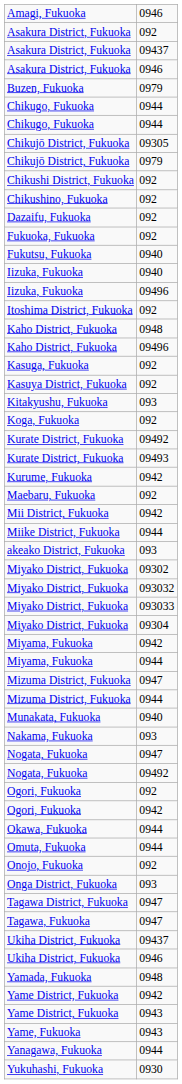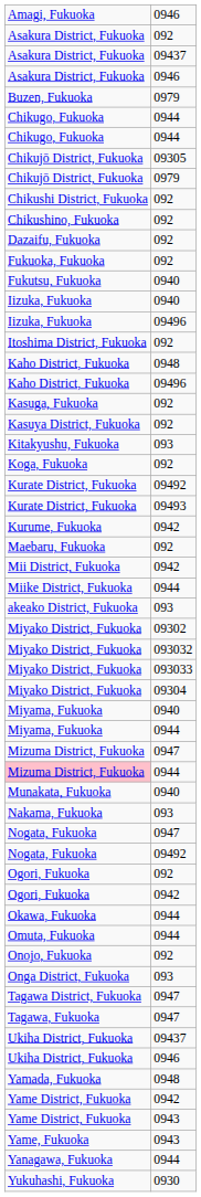 <table class="wikitable">
 <tr>
 <td><a href='#'>Amagi, Fukuoka</a></td>
 <td>0946</td>
 </tr>
 <tr>
 <td><a href='#'>Asakura District, Fukuoka</a></td>
 <td>092</td>
 </tr>
 <tr>
 <td><a href='#'>Asakura District, Fukuoka</a></td>
 <td>09437</td>
 </tr>
 <tr>
 <td><a href='#'>Asakura District, Fukuoka</a></td>
 <td>0946</td>
 </tr>
 <tr>
 <td><a href='#'>Buzen, Fukuoka</a></td>
 <td>0979</td>
 </tr>
 <tr>
 <td><a href='#'>Chikugo, Fukuoka</a></td>
 <td>0944</td>
 </tr>
 <tr>
 <td><a href='#'>Chikugo, Fukuoka</a></td>
 <td>0944</td>
 </tr>
 <tr>
 <td><a href='#'>Chikujō District, Fukuoka</a></td>
 <td>09305</td>
 </tr>
 <tr>
 <td><a href='#'>Chikujō District, Fukuoka</a></td>
 <td>0979</td>
 </tr>
 <tr>
 <td><a href='#'>Chikushi District, Fukuoka</a></td>
 <td>092</td>
 </tr>
 <tr>
 <td><a href='#'>Chikushino, Fukuoka</a></td>
 <td>092</td>
 </tr>
 <tr>
 <td><a href='#'>Dazaifu, Fukuoka</a></td>
 <td>092</td>
 </tr>
 <tr>
 <td><a href='#'>Fukuoka, Fukuoka</a></td>
 <td>092</td>
 </tr>
 <tr>
 <td><a href='#'>Fukutsu, Fukuoka</a></td>
 <td>0940</td>
 </tr>
 <tr>
 <td><a href='#'>Iizuka, Fukuoka</a></td>
 <td>0940</td>
 </tr>
 <tr>
 <td><a href='#'>Iizuka, Fukuoka</a></td>
 <td>09496</td>
 </tr>
 <tr>
 <td><a href='#'>Itoshima District, Fukuoka</a></td>
 <td>092</td>
 </tr>
 <tr>
 <td><a href='#'>Kaho District, Fukuoka</a></td>
 <td>0948</td>
 </tr>
 <tr>
 <td><a href='#'>Kaho District, Fukuoka</a></td>
 <td>09496</td>
 </tr>
 <tr>
 <td><a href='#'>Kasuga, Fukuoka</a></td>
 <td>092</td>
 </tr>
 <tr>
 <td><a href='#'>Kasuya District, Fukuoka</a></td>
 <td>092</td>
 </tr>
 <tr>
 <td><a href='#'>Kitakyushu, Fukuoka</a></td>
 <td>093</td>
 </tr>
 <tr>
 <td><a href='#'>Koga, Fukuoka</a></td>
 <td>092</td>
 </tr>
 <tr>
 <td><a href='#'>Kurate District, Fukuoka</a></td>
 <td>09492</td>
 </tr>
 <tr>
 <td><a href='#'>Kurate District, Fukuoka</a></td>
 <td>09493</td>
 </tr>
 <tr>
 <td><a href='#'>Kurume, Fukuoka</a></td>
 <td>0942</td>
 </tr>
 <tr>
 <td><a href='#'>Maebaru, Fukuoka</a></td>
 <td>092</td>
 </tr>
 <tr>
 <td><a href='#'>Mii District, Fukuoka</a></td>
 <td>0942</td>
 </tr>
 <tr>
 <td><a href='#'>Miike District, Fukuoka</a></td>
 <td>0944</td>
 </tr>
 <tr>
 <td><a href='#'>akeako District, Fukuoka</a></td>
 <td>093</td>
 </tr>
 <tr>
 <td><a href='#'>Miyako District, Fukuoka</a></td>
 <td>09302</td>
 </tr>
 <tr>
 <td><a href='#'>Miyako District, Fukuoka</a></td>
 <td>093032</td>
 </tr>
 <tr>
 <td><a href='#'>Miyako District, Fukuoka</a></td>
 <td>093033</td>
 </tr>
 <tr>
 <td><a href='#'>Miyako District, Fukuoka</a></td>
 <td>09304</td>
 </tr>
 <tr>
 <td><a href='#'>Miyama, Fukuoka</a></td>
-<td>0942</td>
+<td>0940</td>
 </tr>
 <tr>
 <td><a href='#'>Miyama, Fukuoka</a></td>
 <td>0944</td>
 </tr>
 <tr>
 <td><a href='#'>Mizuma District, Fukuoka</a></td>
 <td>0947</td>
 </tr>
 <tr>
-<td><a href='#'>Mizuma District, Fukuoka</a></td>
+<td style="background: pink;"><a href='#'>Mizuma District, Fukuoka</a></td>
 <td>0944</td>
 </tr>
 <tr>
 <td><a href='#'>Munakata, Fukuoka</a></td>
 <td>0940</td>
 </tr>
 <tr>
 <td><a href='#'>Nakama, Fukuoka</a></td>
 <td>093</td>
 </tr>
 <tr>
 <td><a href='#'>Nogata, Fukuoka</a></td>
 <td>0947</td>
 </tr>
 <tr>
 <td><a href='#'>Nogata, Fukuoka</a></td>
 <td>09492</td>
 </tr>
 <tr>
 <td><a href='#'>Ogori, Fukuoka</a></td>
 <td>092</td>
 </tr>
 <tr>
 <td><a href='#'>Ogori, Fukuoka</a></td>
 <td>0942</td>
 </tr>
 <tr>
 <td><a href='#'>Okawa, Fukuoka</a></td>
 <td>0944</td>
 </tr>
 <tr>
 <td><a href='#'>Omuta, Fukuoka</a></td>
 <td>0944</td>
 </tr>
 <tr>
 <td><a href='#'>Onojo, Fukuoka</a></td>
 <td>092</td>
 </tr>
 <tr>
 <td><a href='#'>Onga District, Fukuoka</a></td>
 <td>093</td>
 </tr>
 <tr>
 <td><a href='#'>Tagawa District, Fukuoka</a></td>
 <td>0947</td>
 </tr>
 <tr>
 <td><a href='#'>Tagawa, Fukuoka</a></td>
 <td>0947</td>
 </tr>
 <tr>
 <td><a href='#'>Ukiha District, Fukuoka</a></td>
 <td>09437</td>
 </tr>
 <tr>
 <td><a href='#'>Ukiha District, Fukuoka</a></td>
 <td>0946</td>
 </tr>
 <tr>
 <td><a href='#'>Yamada, Fukuoka</a></td>
 <td>0948</td>
 </tr>
 <tr>
 <td><a href='#'>Yame District, Fukuoka</a></td>
 <td>0942</td>
 </tr>
 <tr>
 <td><a href='#'>Yame District, Fukuoka</a></td>
 <td>0943</td>
 </tr>
 <tr>
 <td><a href='#'>Yame, Fukuoka</a></td>
 <td>0943</td>
 </tr>
 <tr>
 <td><a href='#'>Yanagawa, Fukuoka</a></td>
 <td>0944</td>
 </tr>
 <tr>
 <td><a href='#'>Yukuhashi, Fukuoka</a></td>
 <td>0930</td>
 </tr>
 </table>
